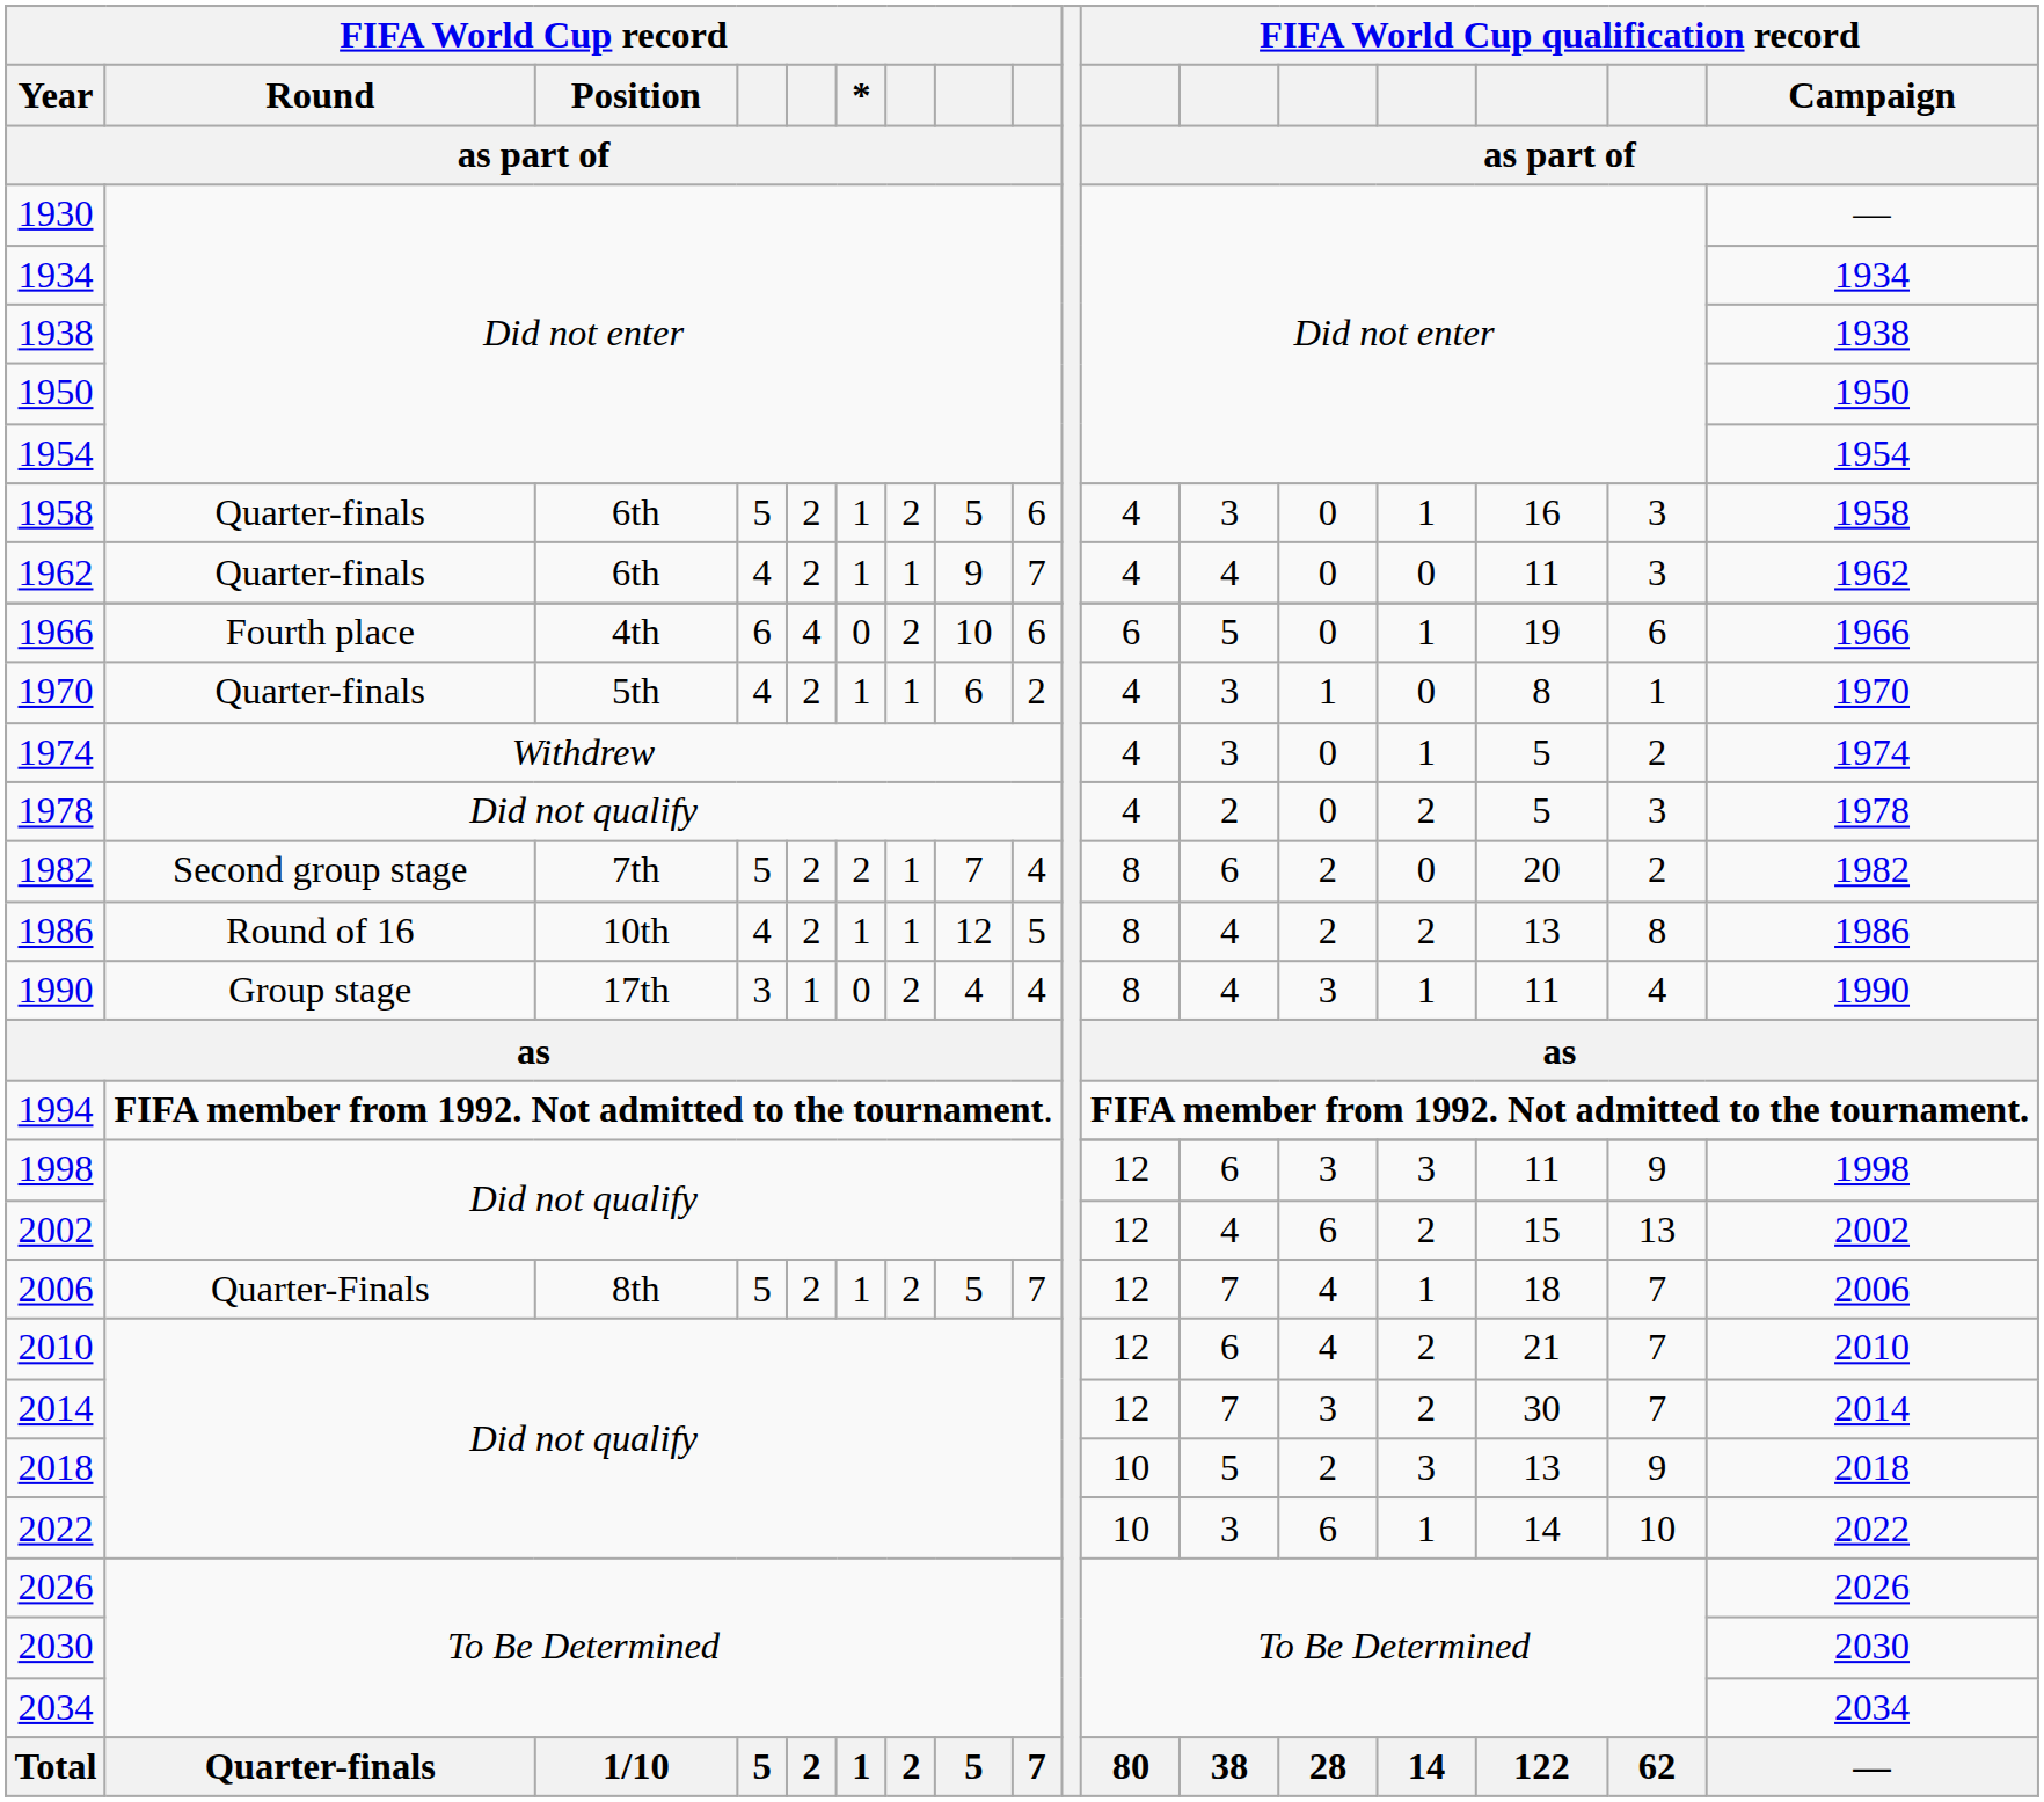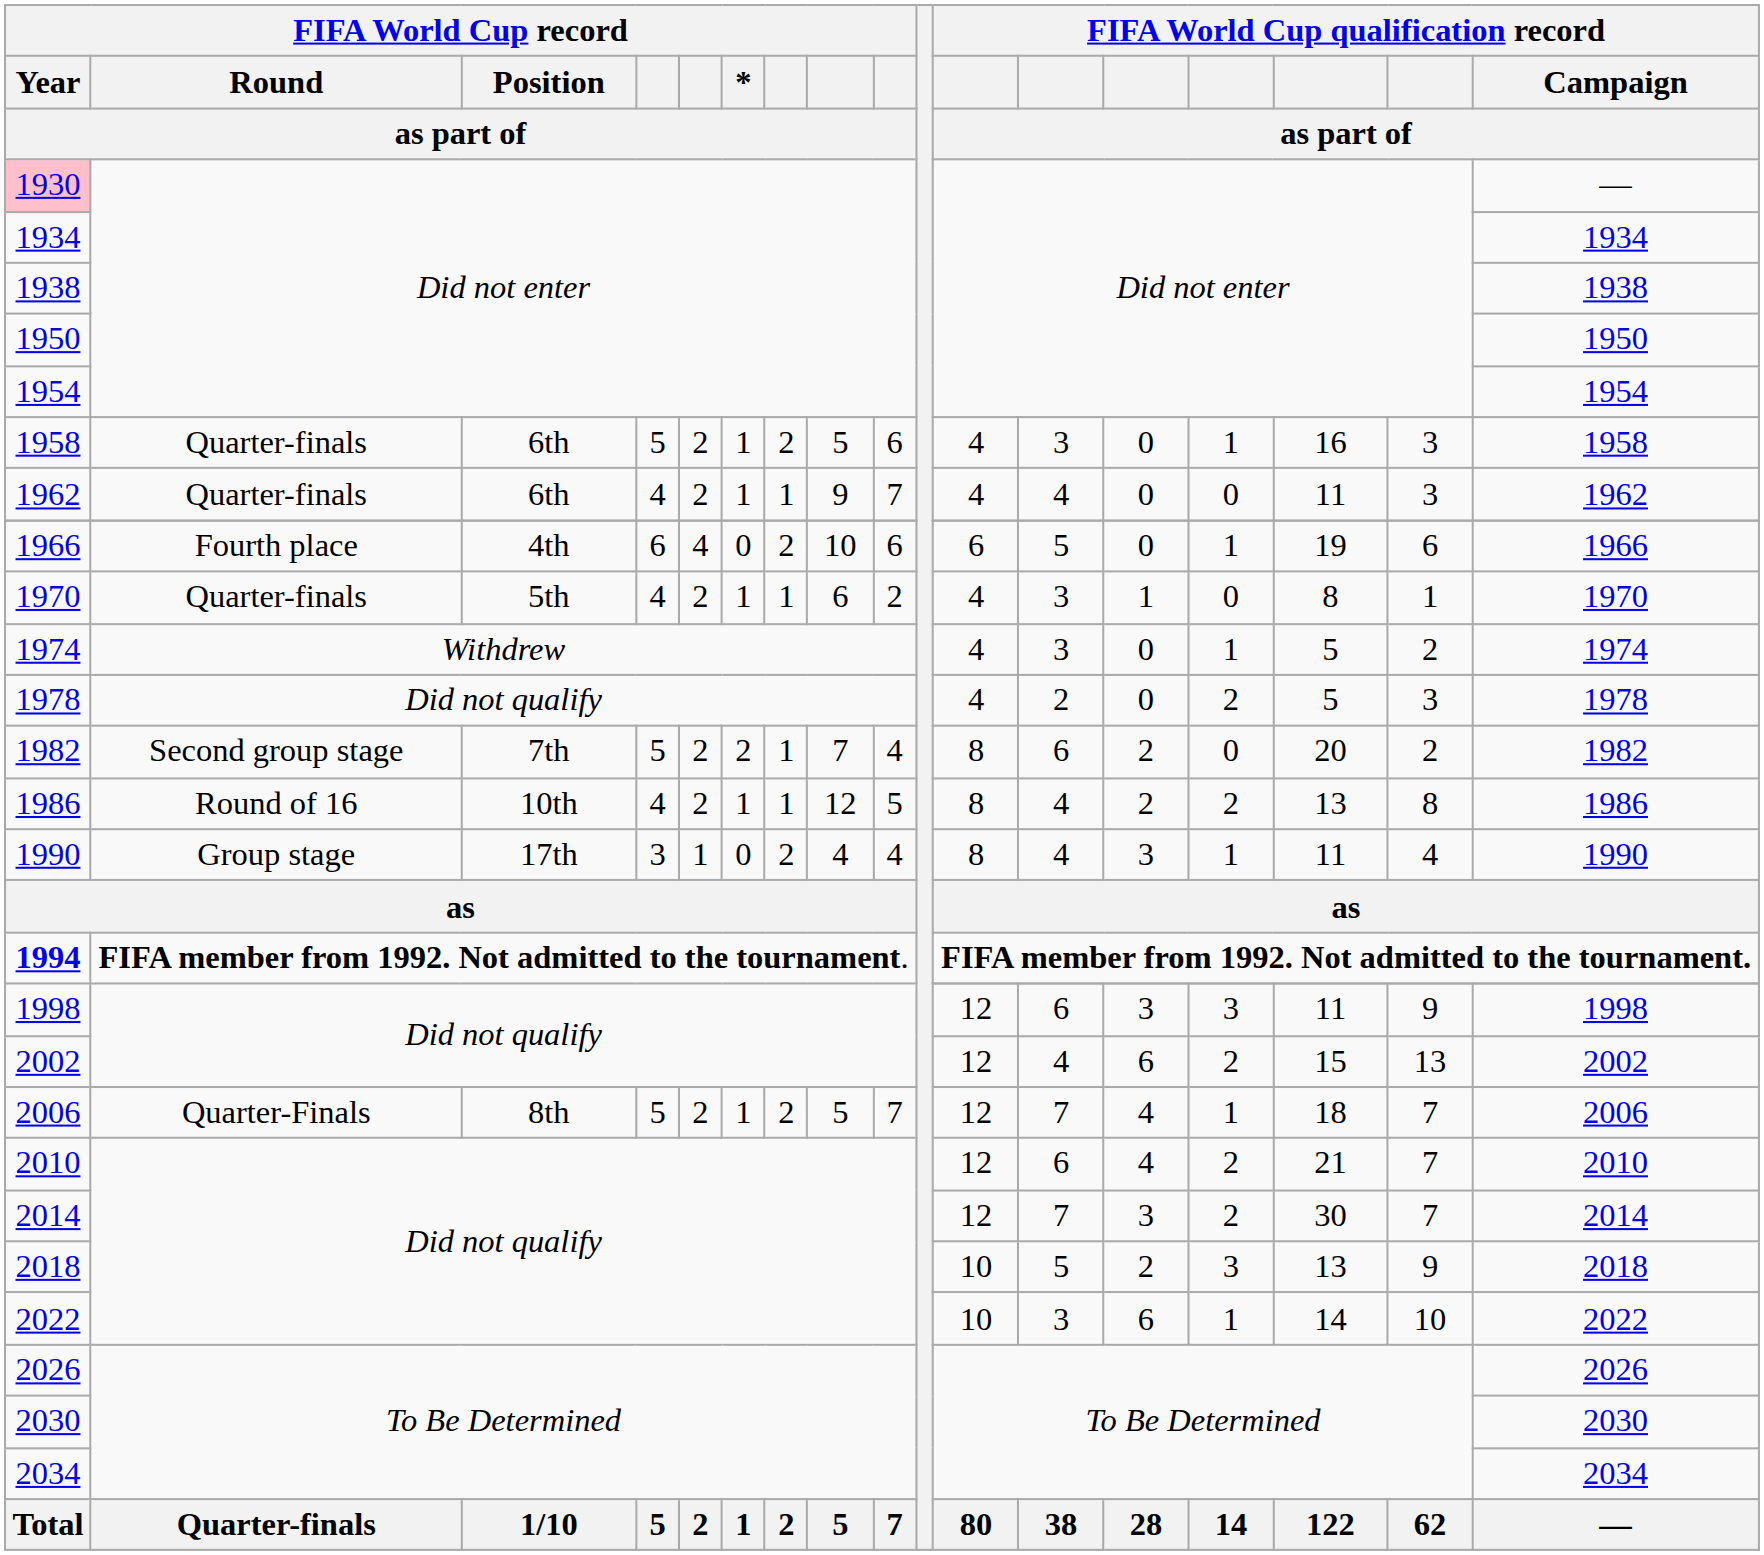 <table class="wikitable" style="text-align: center;">
 <tr>
 <th colspan=9><a href='#'>FIFA World Cup</a> record</th>
 <th style="width:1%;" rowspan="32"></th>
 <th colspan=7><a href='#'>FIFA World Cup qualification</a> record</th>
 </tr>
 <tr>
 <th>Year</th>
 <th>Round</th>
 <th>Position</th>
 <th></th>
 <th></th>
 <th>*</th>
 <th></th>
 <th></th>
 <th></th>
 <th></th>
 <th></th>
 <th></th>
 <th></th>
 <th></th>
 <th></th>
 <th>Campaign</th>
 </tr>
 <tr>
 <th colspan=9>as part of </th>
 <th colspan=7>as part of </th>
 </tr>
 <tr>
-<td> <a href='#'>1930</a></td>
+<td style="background: pink;"> <a href='#'>1930</a></td>
 <td rowspan=5 colspan=8><em>Did not enter</em></td>
 <td rowspan=5 colspan=6><em>Did not enter</em></td>
 <td>—</td>
 </tr>
 <tr>
 <td> <a href='#'>1934</a></td>
 <td><a href='#'>1934</a></td>
 </tr>
 <tr>
 <td> <a href='#'>1938</a></td>
 <td><a href='#'>1938</a></td>
 </tr>
 <tr>
 <td> <a href='#'>1950</a></td>
 <td><a href='#'>1950</a></td>
 </tr>
 <tr>
 <td> <a href='#'>1954</a></td>
 <td><a href='#'>1954</a></td>
 </tr>
 <tr>
 <td> <a href='#'>1958</a></td>
 <td>Quarter-finals</td>
 <td>6th</td>
 <td>5</td>
 <td>2</td>
 <td>1</td>
 <td>2</td>
 <td>5</td>
 <td>6</td>
 <td>4</td>
 <td>3</td>
 <td>0</td>
 <td>1</td>
 <td>16</td>
 <td>3</td>
 <td><a href='#'>1958</a></td>
 </tr>
 <tr>
 <td> <a href='#'>1962</a></td>
 <td>Quarter-finals</td>
 <td>6th</td>
 <td>4</td>
 <td>2</td>
 <td>1</td>
 <td>1</td>
 <td>9</td>
 <td>7</td>
 <td>4</td>
 <td>4</td>
 <td>0</td>
 <td>0</td>
 <td>11</td>
 <td>3</td>
 <td><a href='#'>1962</a></td>
 </tr>
 <tr>
 </tr>
 <tr>
 <td> <a href='#'>1966</a></td>
 <td>Fourth place</td>
 <td>4th</td>
 <td>6</td>
 <td>4</td>
 <td>0</td>
 <td>2</td>
 <td>10</td>
 <td>6</td>
 <td>6</td>
 <td>5</td>
 <td>0</td>
 <td>1</td>
 <td>19</td>
 <td>6</td>
 <td><a href='#'>1966</a></td>
 </tr>
 <tr>
 <td> <a href='#'>1970</a></td>
 <td>Quarter-finals</td>
 <td>5th</td>
 <td>4</td>
 <td>2</td>
 <td>1</td>
 <td>1</td>
 <td>6</td>
 <td>2</td>
 <td>4</td>
 <td>3</td>
 <td>1</td>
 <td>0</td>
 <td>8</td>
 <td>1</td>
 <td><a href='#'>1970</a></td>
 </tr>
 <tr>
 <td> <a href='#'>1974</a></td>
 <td colspan=8><em>Withdrew</em></td>
 <td>4</td>
 <td>3</td>
 <td>0</td>
 <td>1</td>
 <td>5</td>
 <td>2</td>
 <td><a href='#'>1974</a></td>
 </tr>
 <tr>
 <td> <a href='#'>1978</a></td>
 <td colspan=8><em>Did not qualify</em></td>
 <td>4</td>
 <td>2</td>
 <td>0</td>
 <td>2</td>
 <td>5</td>
 <td>3</td>
 <td><a href='#'>1978</a></td>
 </tr>
 <tr>
 <td> <a href='#'>1982</a></td>
 <td>Second group stage</td>
 <td>7th</td>
 <td>5</td>
 <td>2</td>
 <td>2</td>
 <td>1</td>
 <td>7</td>
 <td>4</td>
 <td>8</td>
 <td>6</td>
 <td>2</td>
 <td>0</td>
 <td>20</td>
 <td>2</td>
 <td><a href='#'>1982</a></td>
 </tr>
 <tr>
 <td> <a href='#'>1986</a></td>
 <td>Round of 16</td>
 <td>10th</td>
 <td>4</td>
 <td>2</td>
 <td>1</td>
 <td>1</td>
 <td>12</td>
 <td>5</td>
 <td>8</td>
 <td>4</td>
 <td>2</td>
 <td>2</td>
 <td>13</td>
 <td>8</td>
 <td><a href='#'>1986</a></td>
 </tr>
 <tr>
 <td> <a href='#'>1990</a></td>
 <td>Group stage</td>
 <td>17th</td>
 <td>3</td>
 <td>1</td>
 <td>0</td>
 <td>2</td>
 <td>4</td>
 <td>4</td>
 <td>8</td>
 <td>4</td>
 <td>3</td>
 <td>1</td>
 <td>11</td>
 <td>4</td>
 <td><a href='#'>1990</a></td>
 </tr>
 <tr>
 <th colspan=9>as </th>
 <th colspan=7>as </th>
 </tr>
 <tr>
-<td> <a href='#'>1994</a></td>
+<td><strong> <a href='#'>1994</a></strong></td>
 <td colspan=8><strong>FIFA member from 1992. Not admitted to the tournament</strong>.</td>
 <td colspan=7><strong>FIFA member from 1992. Not admitted to the tournament.</strong></td>
 </tr>
 <tr>
 <td rowspan=2> <a href='#'>1998</a></td>
 <td rowspan=3 colspan=8><em>Did not qualify</em></td>
 </tr>
 <tr>
 <td>12</td>
 <td>6</td>
 <td>3</td>
 <td>3</td>
 <td>11</td>
 <td>9</td>
 <td><a href='#'>1998</a></td>
 </tr>
 <tr>
 <td>  <a href='#'>2002</a></td>
 <td>12</td>
 <td>4</td>
 <td>6</td>
 <td>2</td>
 <td>15</td>
 <td>13</td>
 <td><a href='#'>2002</a></td>
 </tr>
 <tr>
 <td> <a href='#'>2006</a></td>
 <td>Quarter-Finals</td>
 <td>8th</td>
 <td>5</td>
 <td>2</td>
 <td>1</td>
 <td>2</td>
 <td>5</td>
 <td>7</td>
 <td>12</td>
 <td>7</td>
 <td>4</td>
 <td>1</td>
 <td>18</td>
 <td>7</td>
 <td><a href='#'>2006</a></td>
 </tr>
 <tr>
 <td> <a href='#'>2010</a></td>
 <td rowspan=4 colspan=8><em>Did not qualify</em></td>
 <td>12</td>
 <td>6</td>
 <td>4</td>
 <td>2</td>
 <td>21</td>
 <td>7</td>
 <td><a href='#'>2010</a></td>
 </tr>
 <tr>
 <td> <a href='#'>2014</a></td>
 <td>12</td>
 <td>7</td>
 <td>3</td>
 <td>2</td>
 <td>30</td>
 <td>7</td>
 <td><a href='#'>2014</a></td>
 </tr>
 <tr>
 <td> <a href='#'>2018</a></td>
 <td>10</td>
 <td>5</td>
 <td>2</td>
 <td>3</td>
 <td>13</td>
 <td>9</td>
 <td><a href='#'>2018</a></td>
 </tr>
 <tr>
 <td> <a href='#'>2022</a></td>
 <td>10</td>
 <td>3</td>
 <td>6</td>
 <td>1</td>
 <td>14</td>
 <td>10</td>
 <td><a href='#'>2022</a></td>
 </tr>
 <tr>
 <td>   <a href='#'>2026</a></td>
 <td colspan=8 rowspan=3><em>To Be Determined</em></td>
 <td colspan=6 rowspan=3><em>To Be Determined</em></td>
 <td><a href='#'>2026</a></td>
 </tr>
 <tr>
 <td>   <a href='#'>2030</a></td>
 <td><a href='#'>2030</a></td>
 </tr>
 <tr>
 <td> <a href='#'>2034</a></td>
 <td><a href='#'>2034</a></td>
 </tr>
 <tr>
 <th>Total</th>
 <th>Quarter-finals</th>
 <th>1/10</th>
 <th>5</th>
 <th>2</th>
 <th>1</th>
 <th>2</th>
 <th>5</th>
 <th>7</th>
 <th>80</th>
 <th>38</th>
 <th>28</th>
 <th>14</th>
 <th>122</th>
 <th>62</th>
 <th>—</th>
 </tr>
 </table>
